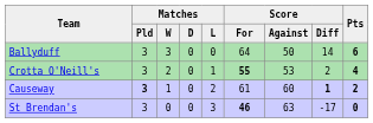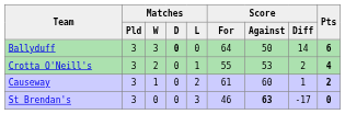 <table style=border-collapse:collapse border=1 cellspacing=0 cellpadding=5>
 <tr align=center bgcolor=#efefef>
 <th rowspan=2 width=165>Team</th>
 <th colspan=4>Matches</th>
 <th colspan=3>Score</th>
 <th rowspan=2width=20>Pts</th>
 </tr>
 <tr align=center bgcolor=#efefef>
 <th width=20>Pld</th>
 <th width=20>W</th>
 <th width=20>D</th>
 <th width=20>L</th>
 <th width=45>For</th>
 <th width=45>Against</th>
 <th width=30>Diff</th>
 </tr>
 <tr align=center  style="background:#ACE1AF;">
 <td style="text-align:left;"><a href='#'>Ballyduff</a></td>
 <td>3</td>
 <td>3</td>
-<td>0</td>
+<td><strong>0</strong></td>
 <td>0</td>
 <td>64</td>
 <td>50</td>
 <td>14</td>
 <td><strong>6</strong></td>
 </tr>
 <tr align=center style="background:#ACE1AF;">
 <td style="text-align:left;"><a href='#'>Crotta O'Neill's</a></td>
 <td>3</td>
 <td>2</td>
 <td>0</td>
 <td>1</td>
-<td><strong>55</strong></td>
+<td>55</td>
 <td>53</td>
 <td>2</td>
 <td><strong>4</strong></td>
 </tr>
 <tr align=center style="background:#ccccff;">
 <td style="text-align:left;"><a href='#'>Causeway</a></td>
-<td><strong>3</strong></td>
+<td>3</td>
 <td>1</td>
 <td>0</td>
 <td>2</td>
 <td>61</td>
 <td>60</td>
-<td><strong>1</strong></td>
+<td>1</td>
 <td><strong>2</strong></td>
 </tr>
 <tr align=center style="background:#ccccff;">
 <td style="text-align:left;"><a href='#'>St Brendan's</a></td>
 <td>3</td>
 <td>0</td>
 <td>0</td>
 <td>3</td>
-<td><strong>46</strong></td>
-<td>63</td>
+<td>46</td>
+<td><strong>63</strong></td>
 <td>-17</td>
 <td><strong>0</strong></td>
 </tr>
 </table>
